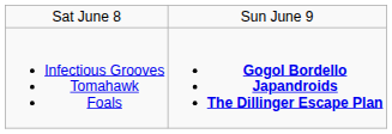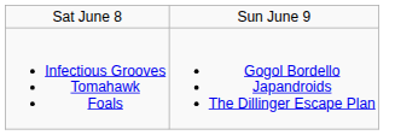 <table class="wikitable plainrowheaders" style="text-align:center;" border="1">
 <tr>
 <td>Sat June 8</td>
 <td>Sun June 9</td>
 </tr>
 <tr>
 <td><br><ul><li><a href='#'>Infectious Grooves</a></li><li><a href='#'>Tomahawk</a></li><li><a href='#'>Foals</a></li></ul></td>
-<td><strong><br><ul><li><a href='#'>Gogol Bordello</a></li><li><a href='#'>Japandroids</a></li><li><a href='#'>The Dillinger Escape Plan</a></li></ul></strong></td>
+<td><br><ul><li><a href='#'>Gogol Bordello</a></li><li><a href='#'>Japandroids</a></li><li><a href='#'>The Dillinger Escape Plan</a></li></ul></td>
 </tr>
 </table>
